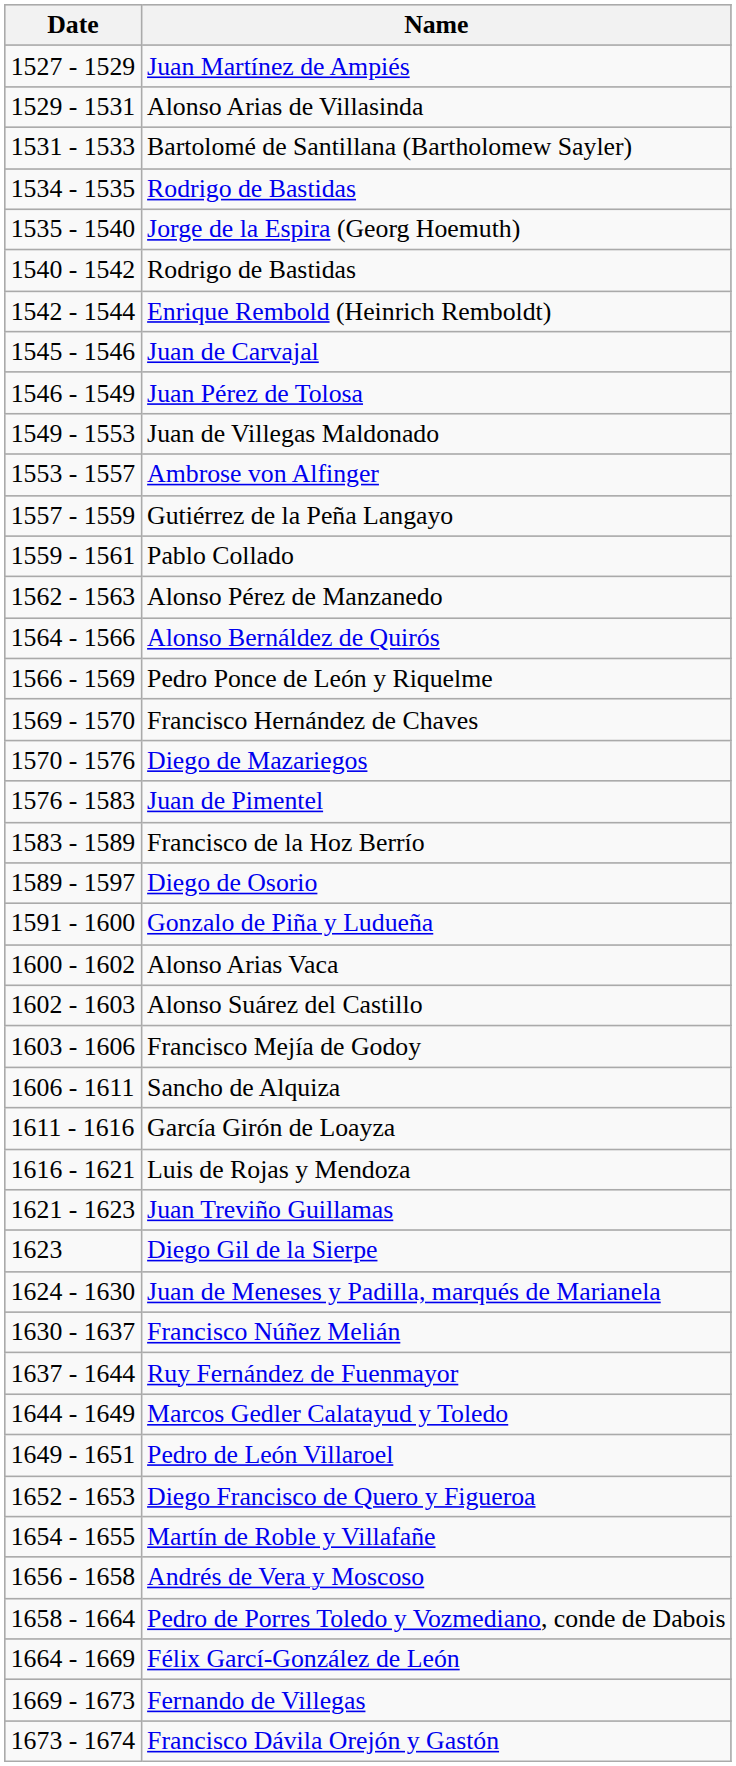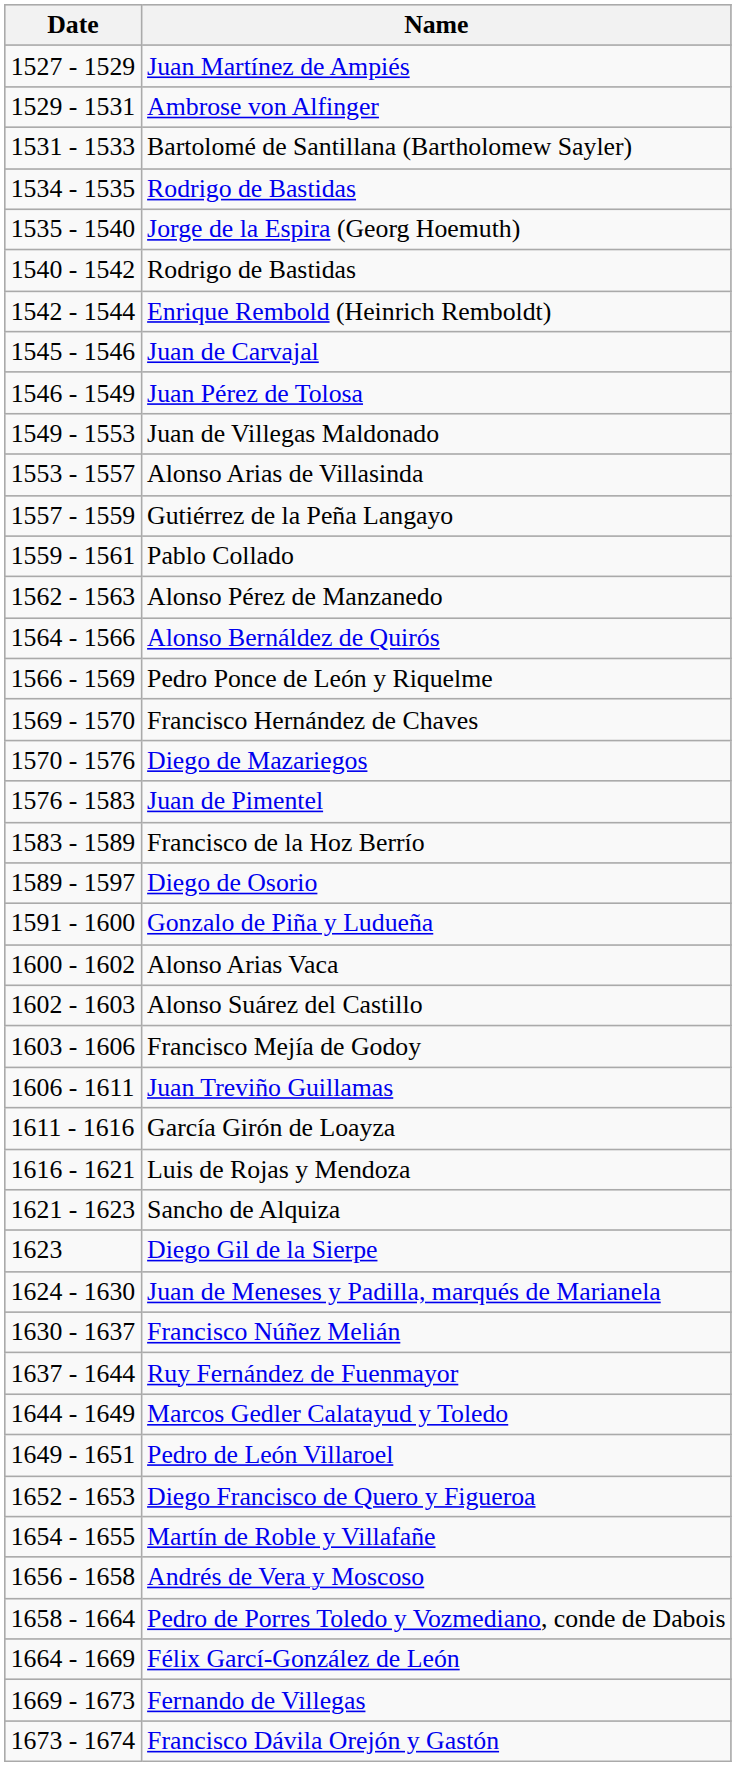 <table class=wikitable>
 <tr>
 <th>Date</th>
 <th>Name</th>
 </tr>
 <tr>
 <td>1527 - 1529</td>
 <td><a href='#'>Juan Martínez de Ampiés</a></td>
 </tr>
 <tr>
 <td>1529 - 1531</td>
-<td>Alonso Arias de Villasinda</td>
+<td><a href='#'>Ambrose von Alfinger</a></td>
 </tr>
 <tr>
 <td>1531 - 1533</td>
 <td>Bartolomé de Santillana (Bartholomew Sayler)</td>
 </tr>
 <tr>
 <td>1534 - 1535</td>
 <td><a href='#'>Rodrigo de Bastidas</a></td>
 </tr>
 <tr>
 <td>1535 - 1540</td>
 <td><a href='#'>Jorge de la Espira</a> (Georg Hoemuth)</td>
 </tr>
 <tr>
 <td>1540 - 1542</td>
 <td>Rodrigo de Bastidas</td>
 </tr>
 <tr>
 <td>1542 - 1544</td>
 <td><a href='#'>Enrique Rembold</a> (Heinrich Remboldt)</td>
 </tr>
 <tr>
 <td>1545 - 1546</td>
 <td><a href='#'>Juan de Carvajal</a></td>
 </tr>
 <tr>
 <td>1546 - 1549</td>
 <td><a href='#'>Juan Pérez de Tolosa</a></td>
 </tr>
 <tr>
 <td>1549 - 1553</td>
 <td>Juan de Villegas Maldonado</td>
 </tr>
 <tr>
 <td>1553 - 1557</td>
-<td><a href='#'>Ambrose von Alfinger</a></td>
+<td>Alonso Arias de Villasinda</td>
 </tr>
 <tr>
 <td>1557 - 1559</td>
 <td>Gutiérrez de la Peña Langayo</td>
 </tr>
 <tr>
 <td>1559 - 1561</td>
 <td>Pablo Collado</td>
 </tr>
 <tr>
 <td>1562 - 1563</td>
 <td>Alonso Pérez de Manzanedo</td>
 </tr>
 <tr>
 <td>1564 - 1566</td>
 <td><a href='#'>Alonso Bernáldez de Quirós</a></td>
 </tr>
 <tr>
 <td>1566 - 1569</td>
 <td>Pedro Ponce de León y Riquelme</td>
 </tr>
 <tr>
 <td>1569 - 1570</td>
 <td>Francisco Hernández de Chaves</td>
 </tr>
 <tr>
 <td>1570 - 1576</td>
 <td><a href='#'>Diego de Mazariegos</a></td>
 </tr>
 <tr>
 <td>1576 - 1583</td>
 <td><a href='#'>Juan de Pimentel</a></td>
 </tr>
 <tr>
 <td>1583 - 1589</td>
 <td>Francisco de la Hoz Berrío</td>
 </tr>
 <tr>
 <td>1589 - 1597</td>
 <td><a href='#'>Diego de Osorio</a></td>
 </tr>
 <tr>
 <td>1591 - 1600</td>
 <td><a href='#'>Gonzalo de Piña y Ludueña</a></td>
 </tr>
 <tr>
 <td>1600 - 1602</td>
 <td>Alonso Arias Vaca</td>
 </tr>
 <tr>
 <td>1602 - 1603</td>
 <td>Alonso Suárez del Castillo</td>
 </tr>
 <tr>
 <td>1603 - 1606</td>
 <td>Francisco Mejía de Godoy</td>
 </tr>
 <tr>
 <td>1606 - 1611</td>
-<td>Sancho de Alquiza</td>
+<td><a href='#'>Juan Treviño Guillamas</a></td>
 </tr>
 <tr>
 <td>1611 - 1616</td>
 <td>García Girón de Loayza</td>
 </tr>
 <tr>
 <td>1616 - 1621</td>
 <td>Luis de Rojas y Mendoza</td>
 </tr>
 <tr>
 <td>1621 - 1623</td>
-<td><a href='#'>Juan Treviño Guillamas</a></td>
+<td>Sancho de Alquiza</td>
 </tr>
 <tr>
 <td>1623</td>
 <td><a href='#'>Diego Gil de la Sierpe</a></td>
 </tr>
 <tr>
 <td>1624 - 1630</td>
 <td><a href='#'>Juan de Meneses y Padilla, marqués de Marianela</a></td>
 </tr>
 <tr>
 <td>1630 - 1637</td>
 <td><a href='#'>Francisco Núñez Melián</a></td>
 </tr>
 <tr>
 <td>1637 - 1644</td>
 <td><a href='#'>Ruy Fernández de Fuenmayor</a></td>
 </tr>
 <tr>
 <td>1644 - 1649</td>
 <td><a href='#'>Marcos Gedler Calatayud y Toledo</a></td>
 </tr>
 <tr>
 <td>1649 - 1651</td>
 <td><a href='#'>Pedro de León Villaroel</a></td>
 </tr>
 <tr>
 <td>1652 - 1653</td>
 <td><a href='#'>Diego Francisco de Quero y Figueroa</a></td>
 </tr>
 <tr>
 <td>1654 - 1655</td>
 <td><a href='#'>Martín de Roble y Villafañe</a></td>
 </tr>
 <tr>
 <td>1656 - 1658</td>
 <td><a href='#'>Andrés de Vera y Moscoso</a></td>
 </tr>
 <tr>
 <td>1658 - 1664</td>
 <td><a href='#'>Pedro de Porres Toledo y Vozmediano</a>, conde de Dabois</td>
 </tr>
 <tr>
 <td>1664 - 1669</td>
 <td><a href='#'>Félix Garcí-González de León</a></td>
 </tr>
 <tr>
 <td>1669 - 1673</td>
 <td><a href='#'>Fernando de Villegas</a></td>
 </tr>
 <tr>
 <td>1673 - 1674</td>
 <td><a href='#'>Francisco Dávila Orejón y Gastón</a></td>
 </tr>
 </table>
